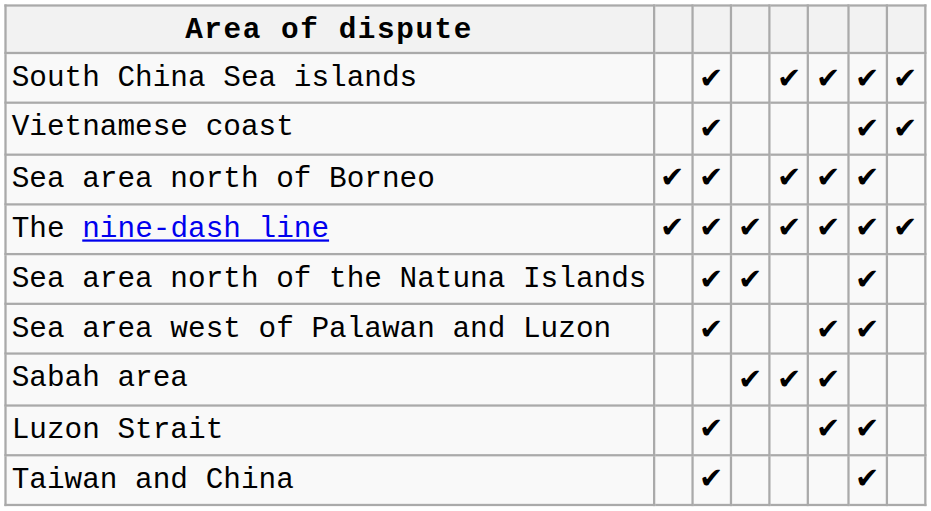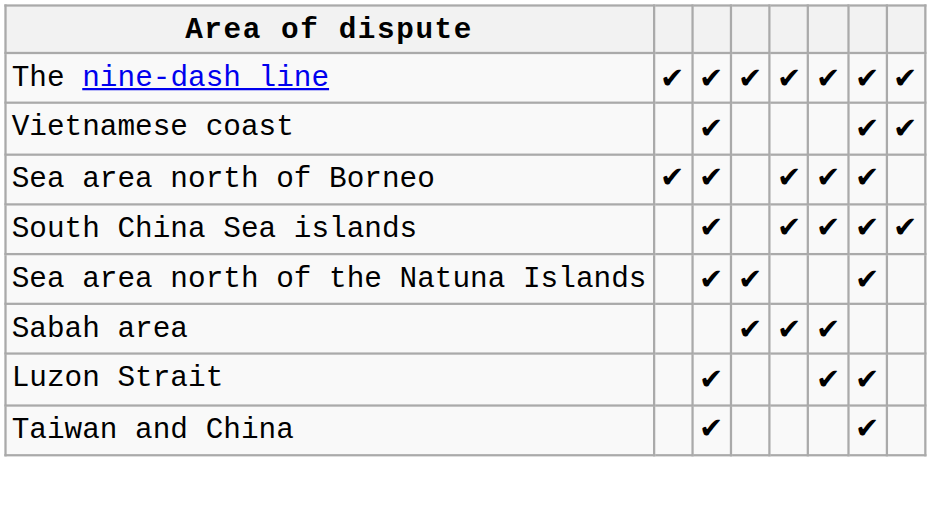 <table class="wikitable" style="float:right; clear:right;">
 <tr style="vertical-align:bottom; letter-spacing:0.1ex;">
 <th>Area of dispute</th>
 <th></th>
 <th></th>
 <th></th>
 <th></th>
 <th></th>
 <th></th>
 <th><br></th>
 </tr>
 <tr>
-<td>South China Sea islands</td>
-<td></td>
+<td>The <a href='#'>nine-dash line</a></td>
 <td>✔</td>
-<td></td>
+<td>✔</td>
+<td>✔</td>
 <td>✔</td>
 <td>✔</td>
 <td>✔</td>
 <td>✔</td>
 </tr>
 <tr>
 <td>Vietnamese coast</td>
 <td></td>
 <td>✔</td>
 <td></td>
 <td></td>
 <td></td>
 <td>✔</td>
 <td>✔</td>
 </tr>
 <tr>
 <td>Sea area north of Borneo</td>
 <td>✔</td>
 <td>✔</td>
 <td></td>
 <td>✔</td>
 <td>✔</td>
 <td>✔</td>
 <td></td>
 </tr>
 <tr>
-<td>The <a href='#'>nine-dash line</a></td>
+<td>South China Sea islands</td>
+<td></td>
 <td>✔</td>
-<td>✔</td>
-<td>✔</td>
+<td></td>
 <td>✔</td>
 <td>✔</td>
 <td>✔</td>
 <td>✔</td>
 </tr>
 <tr>
 <td>Sea area north of the Natuna Islands</td>
 <td></td>
 <td>✔</td>
 <td>✔</td>
 <td></td>
 <td></td>
-<td>✔</td>
-<td></td>
-</tr>
-<tr>
-<td>Sea area west of Palawan and Luzon</td>
-<td></td>
-<td>✔</td>
-<td></td>
-<td></td>
-<td>✔</td>
 <td>✔</td>
 <td></td>
 </tr>
 <tr>
 <td>Sabah area</td>
 <td></td>
 <td></td>
 <td>✔</td>
 <td>✔</td>
 <td>✔</td>
 <td></td>
 <td></td>
 </tr>
 <tr>
 <td>Luzon Strait</td>
 <td></td>
 <td>✔</td>
 <td></td>
 <td></td>
 <td>✔</td>
 <td>✔</td>
 <td></td>
 </tr>
 <tr>
 <td>Taiwan and China</td>
 <td></td>
 <td>✔</td>
 <td></td>
 <td></td>
 <td></td>
 <td>✔</td>
 <td></td>
 </tr>
 </table>
